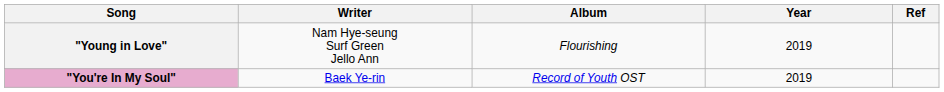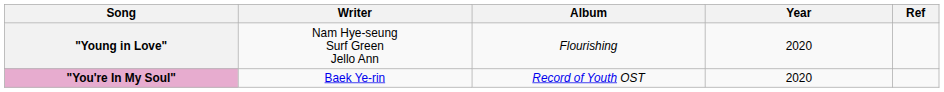 <table class="wikitable" style="text-align:center; width:100%">
 <tr>
 <th style="width:25%">Song</th>
 <th style="width:25%">Writer</th>
 <th style="width:25%">Album</th>
 <th style="width:20%">Year</th>
 <th style="width:5%">Ref</th>
 </tr>
 <tr>
 <th scope="row">"Young in Love" </th>
 <td>Nam Hye-seung<br>Surf Green<br>Jello Ann</td>
 <td><em>Flourishing</em></td>
-<td>2019</td>
+<td>2020</td>
 <td></td>
 </tr>
 <tr>
 <th scope="row" style="background-color:#E7ACCF">"You're In My Soul"</th>
 <td><a href='#'>Baek Ye-rin</a></td>
 <td><em><a href='#'>Record of Youth</a> OST</em></td>
-<td>2019</td>
+<td>2020</td>
 <td></td>
 </tr>
 </table>
